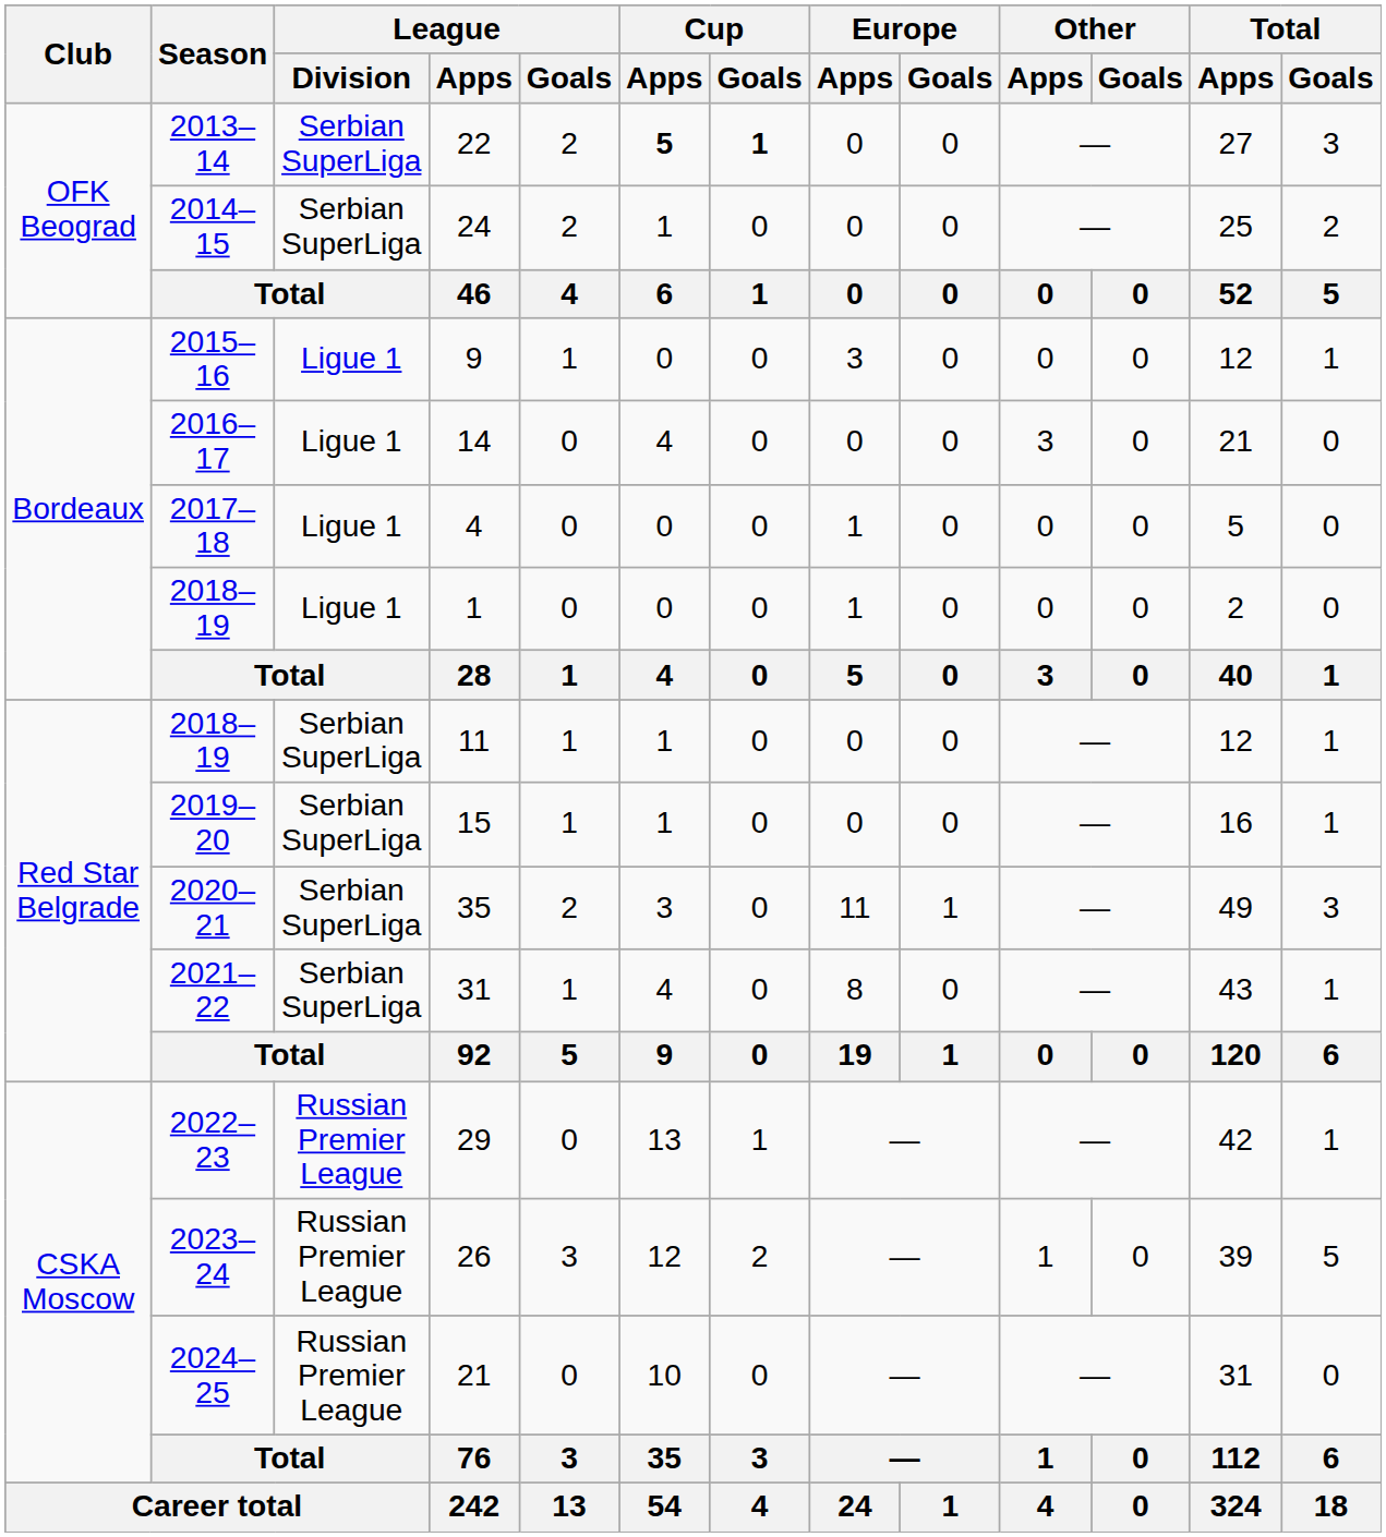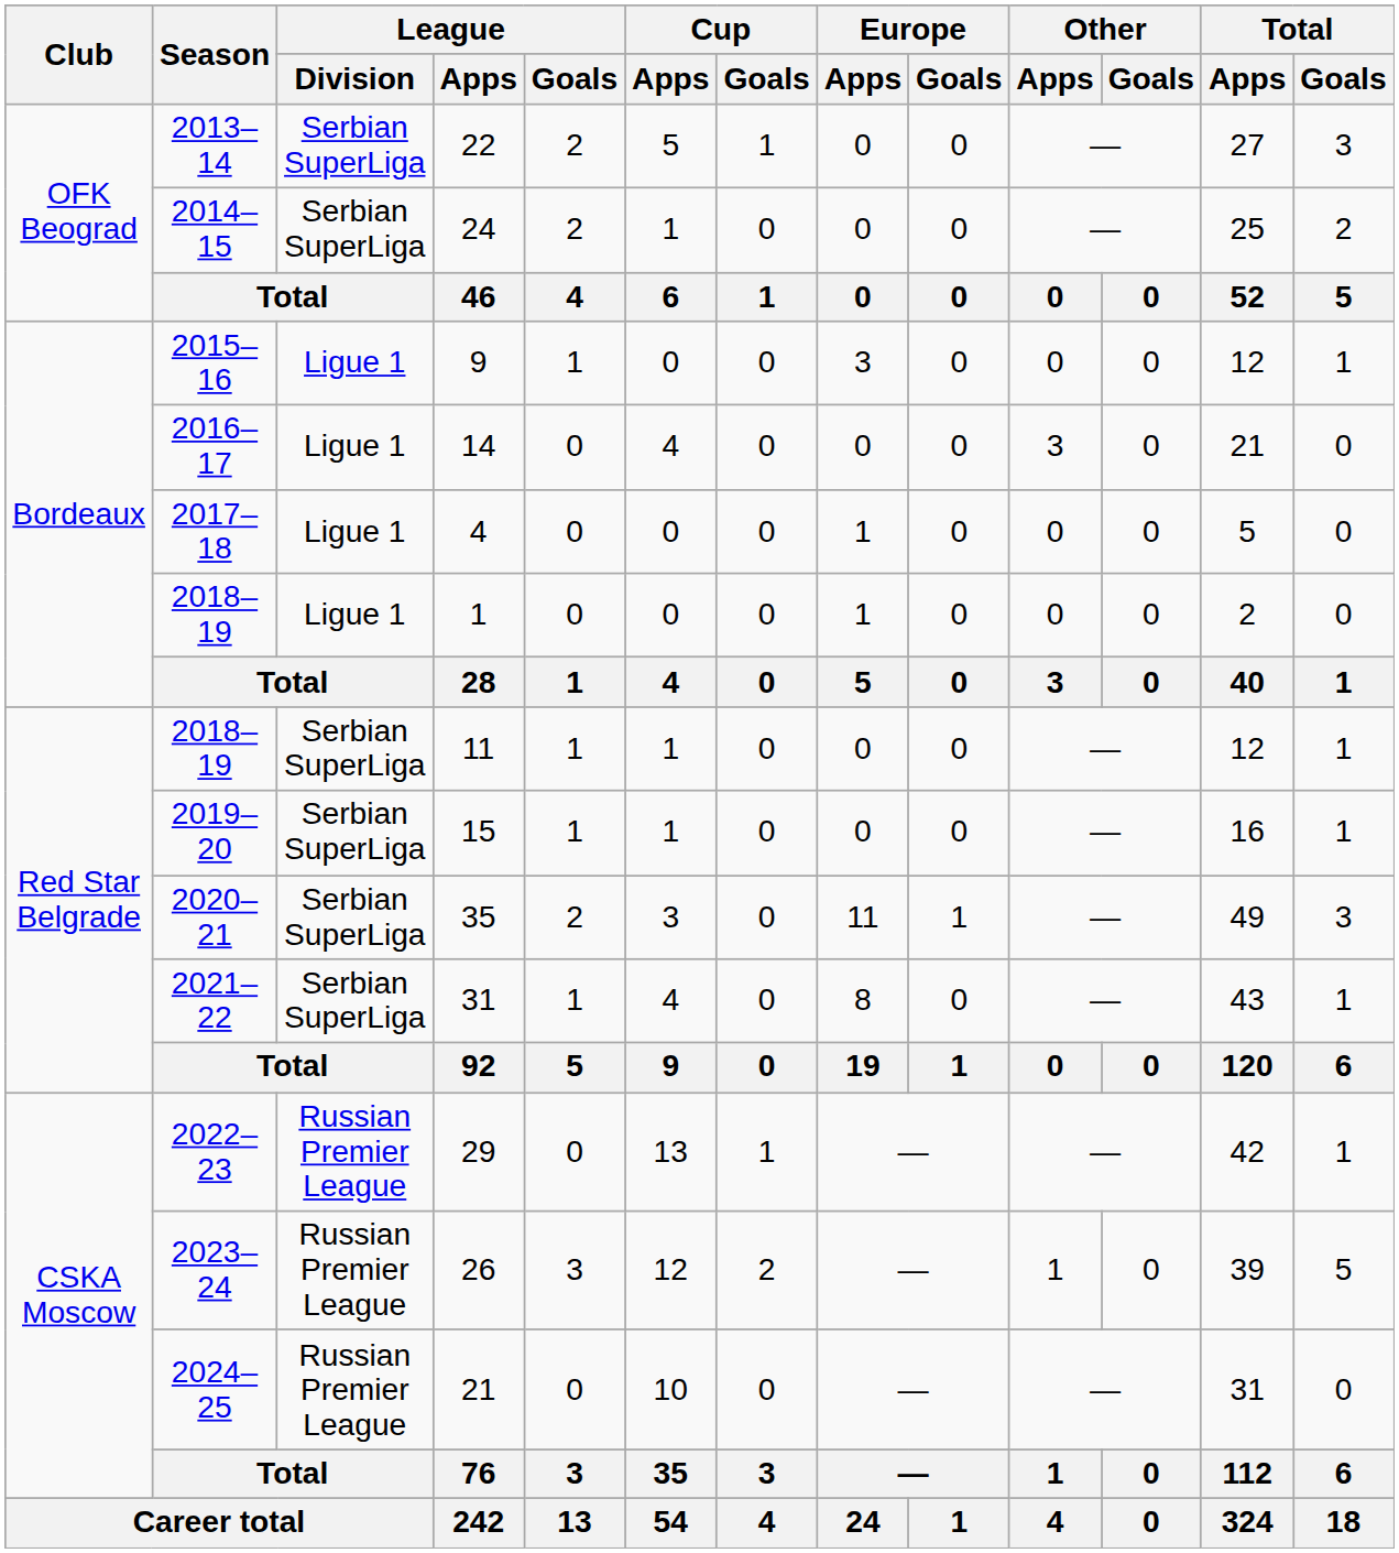 <table class="wikitable" style="text-align:center">
 <tr>
 <th rowspan="2">Club</th>
 <th rowspan="2">Season</th>
 <th colspan="3">League</th>
 <th colspan="2">Cup</th>
 <th colspan="2">Europe</th>
 <th colspan="2">Other</th>
 <th colspan="2">Total</th>
 </tr>
 <tr>
 <th>Division</th>
 <th>Apps</th>
 <th>Goals</th>
 <th>Apps</th>
 <th>Goals</th>
 <th>Apps</th>
 <th>Goals</th>
 <th>Apps</th>
 <th>Goals</th>
 <th>Apps</th>
 <th>Goals</th>
 </tr>
 <tr>
 <td rowspan="3"><a href='#'>OFK Beograd</a></td>
 <td><a href='#'>2013–14</a></td>
 <td><a href='#'>Serbian SuperLiga</a></td>
 <td>22</td>
 <td>2</td>
-<td><strong>5</strong></td>
-<td><strong>1</strong></td>
+<td>5</td>
+<td>1</td>
 <td>0</td>
 <td>0</td>
 <td colspan="2">—</td>
 <td>27</td>
 <td>3</td>
 </tr>
 <tr>
 <td><a href='#'>2014–15</a></td>
 <td>Serbian SuperLiga</td>
 <td>24</td>
 <td>2</td>
 <td>1</td>
 <td>0</td>
 <td>0</td>
 <td>0</td>
 <td colspan="2">—</td>
 <td>25</td>
 <td>2</td>
 </tr>
 <tr>
 <th colspan="2">Total</th>
 <th>46</th>
 <th>4</th>
 <th>6</th>
 <th>1</th>
 <th>0</th>
 <th>0</th>
 <th>0</th>
 <th>0</th>
 <th>52</th>
 <th>5</th>
 </tr>
 <tr>
 <td rowspan="5"><a href='#'>Bordeaux</a></td>
 <td><a href='#'>2015–16</a></td>
 <td><a href='#'>Ligue 1</a></td>
 <td>9</td>
 <td>1</td>
 <td>0</td>
 <td>0</td>
 <td>3</td>
 <td>0</td>
 <td>0</td>
 <td>0</td>
 <td>12</td>
 <td>1</td>
 </tr>
 <tr>
 <td><a href='#'>2016–17</a></td>
 <td>Ligue 1</td>
 <td>14</td>
 <td>0</td>
 <td>4</td>
 <td>0</td>
 <td>0</td>
 <td>0</td>
 <td>3</td>
 <td>0</td>
 <td>21</td>
 <td>0</td>
 </tr>
 <tr>
 <td><a href='#'>2017–18</a></td>
 <td>Ligue 1</td>
 <td>4</td>
 <td>0</td>
 <td>0</td>
 <td>0</td>
 <td>1</td>
 <td>0</td>
 <td>0</td>
 <td>0</td>
 <td>5</td>
 <td>0</td>
 </tr>
 <tr>
 <td><a href='#'>2018–19</a></td>
 <td>Ligue 1</td>
 <td>1</td>
 <td>0</td>
 <td>0</td>
 <td>0</td>
 <td>1</td>
 <td>0</td>
 <td>0</td>
 <td>0</td>
 <td>2</td>
 <td>0</td>
 </tr>
 <tr>
 <th colspan="2">Total</th>
 <th>28</th>
 <th>1</th>
 <th>4</th>
 <th>0</th>
 <th>5</th>
 <th>0</th>
 <th>3</th>
 <th>0</th>
 <th>40</th>
 <th>1</th>
 </tr>
 <tr>
 <td rowspan="5"><a href='#'>Red Star Belgrade</a></td>
 <td><a href='#'>2018–19</a></td>
 <td>Serbian SuperLiga</td>
 <td>11</td>
 <td>1</td>
 <td>1</td>
 <td>0</td>
 <td>0</td>
 <td>0</td>
 <td colspan="2">—</td>
 <td>12</td>
 <td>1</td>
 </tr>
 <tr>
 <td><a href='#'>2019–20</a></td>
 <td>Serbian SuperLiga</td>
 <td>15</td>
 <td>1</td>
 <td>1</td>
 <td>0</td>
 <td>0</td>
 <td>0</td>
 <td colspan="2">—</td>
 <td>16</td>
 <td>1</td>
 </tr>
 <tr>
 <td><a href='#'>2020–21</a></td>
 <td>Serbian SuperLiga</td>
 <td>35</td>
 <td>2</td>
 <td>3</td>
 <td>0</td>
 <td>11</td>
 <td>1</td>
 <td colspan="2">—</td>
 <td>49</td>
 <td>3</td>
 </tr>
 <tr>
 <td><a href='#'>2021–22</a></td>
 <td>Serbian SuperLiga</td>
 <td>31</td>
 <td>1</td>
 <td>4</td>
 <td>0</td>
 <td>8</td>
 <td>0</td>
 <td colspan="2">—</td>
 <td>43</td>
 <td>1</td>
 </tr>
 <tr>
 <th colspan="2">Total</th>
 <th>92</th>
 <th>5</th>
 <th>9</th>
 <th>0</th>
 <th>19</th>
 <th>1</th>
 <th>0</th>
 <th>0</th>
 <th>120</th>
 <th>6</th>
 </tr>
 <tr>
 <td rowspan="4"><a href='#'>CSKA Moscow</a></td>
 <td><a href='#'>2022–23</a></td>
 <td><a href='#'>Russian Premier League</a></td>
 <td>29</td>
 <td>0</td>
 <td>13</td>
 <td>1</td>
 <td colspan="2">—</td>
 <td colspan="2">—</td>
 <td>42</td>
 <td>1</td>
 </tr>
 <tr>
 <td><a href='#'>2023–24</a></td>
 <td>Russian Premier League</td>
 <td>26</td>
 <td>3</td>
 <td>12</td>
 <td>2</td>
 <td colspan="2">—</td>
 <td>1</td>
 <td>0</td>
 <td>39</td>
 <td>5</td>
 </tr>
 <tr>
 <td><a href='#'>2024–25</a></td>
 <td>Russian Premier League</td>
 <td>21</td>
 <td>0</td>
 <td>10</td>
 <td>0</td>
 <td colspan="2">—</td>
 <td colspan="2">—</td>
 <td>31</td>
 <td>0</td>
 </tr>
 <tr>
 <th colspan="2">Total</th>
 <th>76</th>
 <th>3</th>
 <th>35</th>
 <th>3</th>
 <th colspan="2">—</th>
 <th>1</th>
 <th>0</th>
 <th>112</th>
 <th>6</th>
 </tr>
 <tr>
 <th colspan="3">Career total</th>
 <th>242</th>
 <th>13</th>
 <th>54</th>
 <th>4</th>
 <th>24</th>
 <th>1</th>
 <th>4</th>
 <th>0</th>
 <th>324</th>
 <th>18</th>
 </tr>
 </table>
